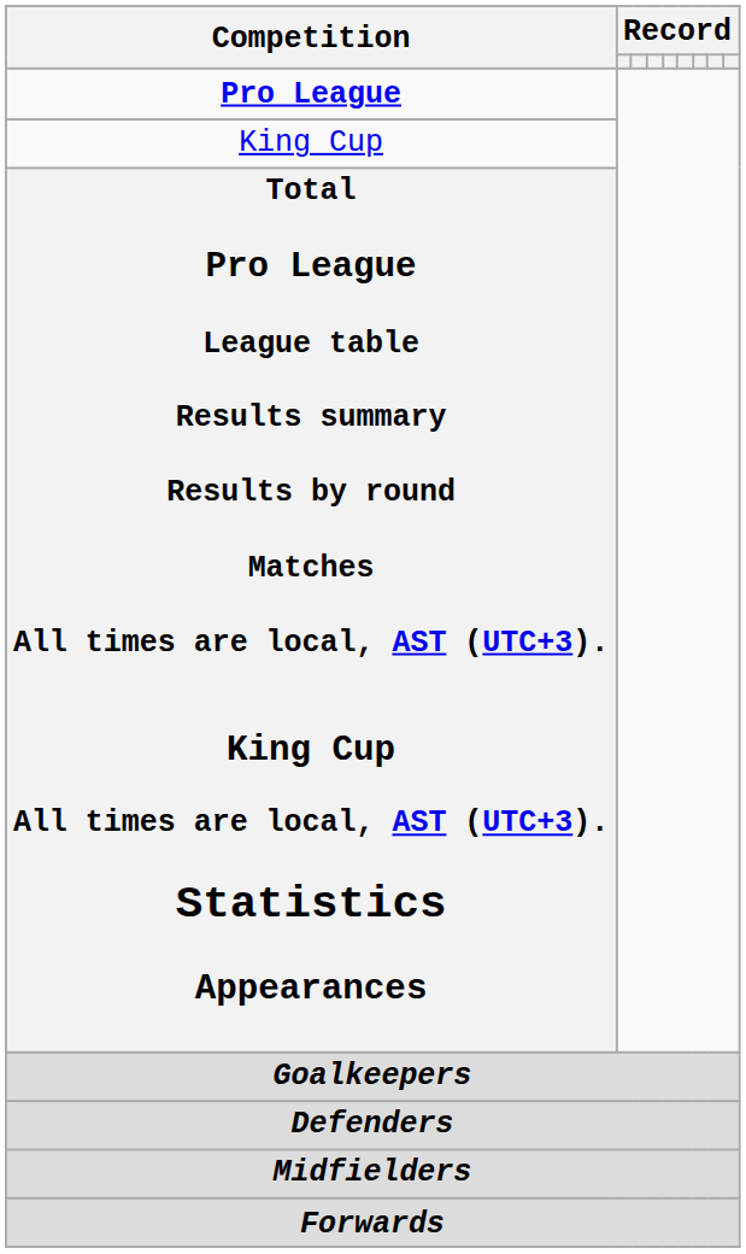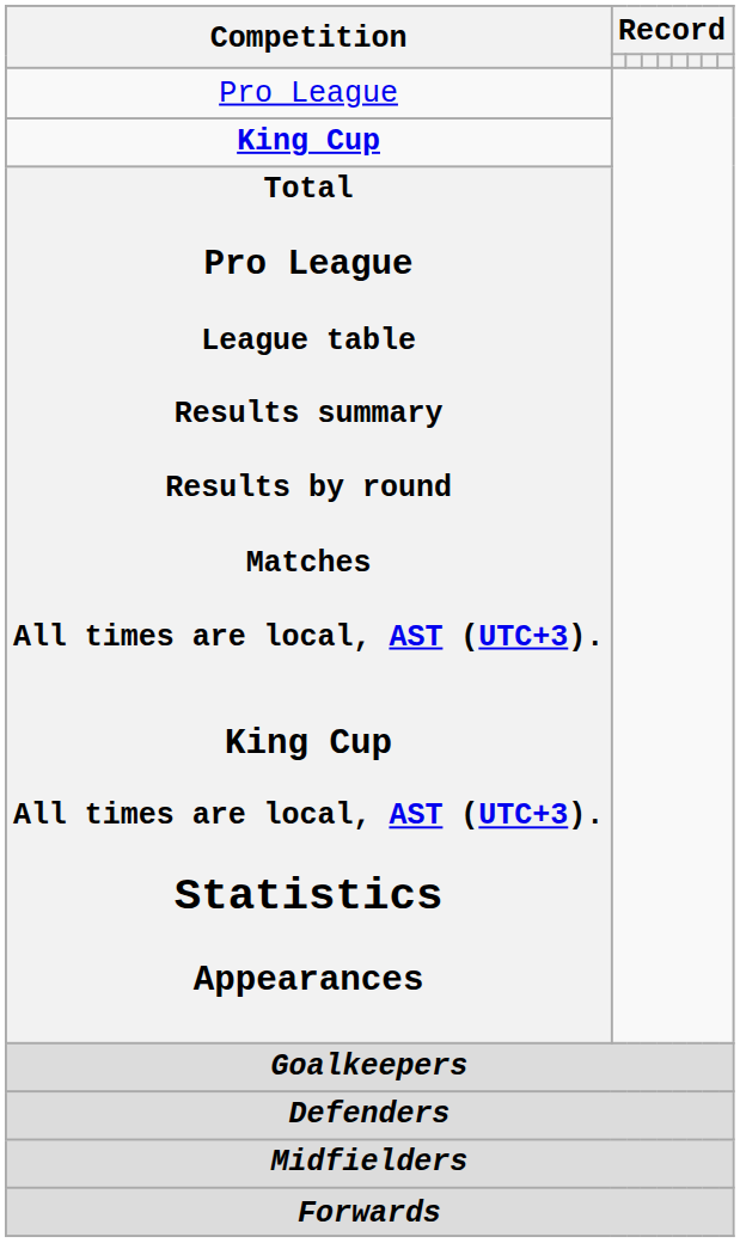 <table class="wikitable" style="text-align: center">
 <tr>
 <th rowspan=2>Competition</th>
 <th colspan=8>Record</th>
 </tr>
 <tr>
 <th></th>
 <th></th>
 <th></th>
 <th></th>
 <th></th>
 <th></th>
 <th></th>
 <th></th>
 </tr>
 <tr>
-<td><strong><a href='#'>Pro League</a><br></strong></td>
+<td><a href='#'>Pro League</a><br></td>
 </tr>
 <tr>
-<td><a href='#'>King Cup</a><br></td>
+<td><strong><a href='#'>King Cup</a><br></strong></td>
 </tr>
 <tr>
 <th>Total<br> <h3>Pro League</h3><h4>League table</h4><h4>Results summary</h4> <h4>Results by round</h4><h4>Matches</h4>All times are local, <a href='#'>AST</a> (<a href='#'>UTC+3</a>).<br>   <br>                             <h3>King Cup</h3> All times are local, <a href='#'>AST</a> (<a href='#'>UTC+3</a>).<br> <h2>Statistics</h2><h3>Appearances</h3></th>
 </tr>
 <tr>
 <th colspan=14 style=background:#dcdcdc; text-align:center><em>Goalkeepers</em><br>    </th>
 </tr>
 <tr>
 <th colspan=14 style=background:#dcdcdc; text-align:center><em>Defenders</em><br>          </th>
 </tr>
 <tr>
 <th colspan=14 style=background:#dcdcdc; text-align:center><em>Midfielders</em><br>                   </th>
 </tr>
 <tr>
 <th colspan=14 style=background:#dcdcdc; text-align:center><em>Forwards</em><br>   </th>
 </tr>
 </table>
